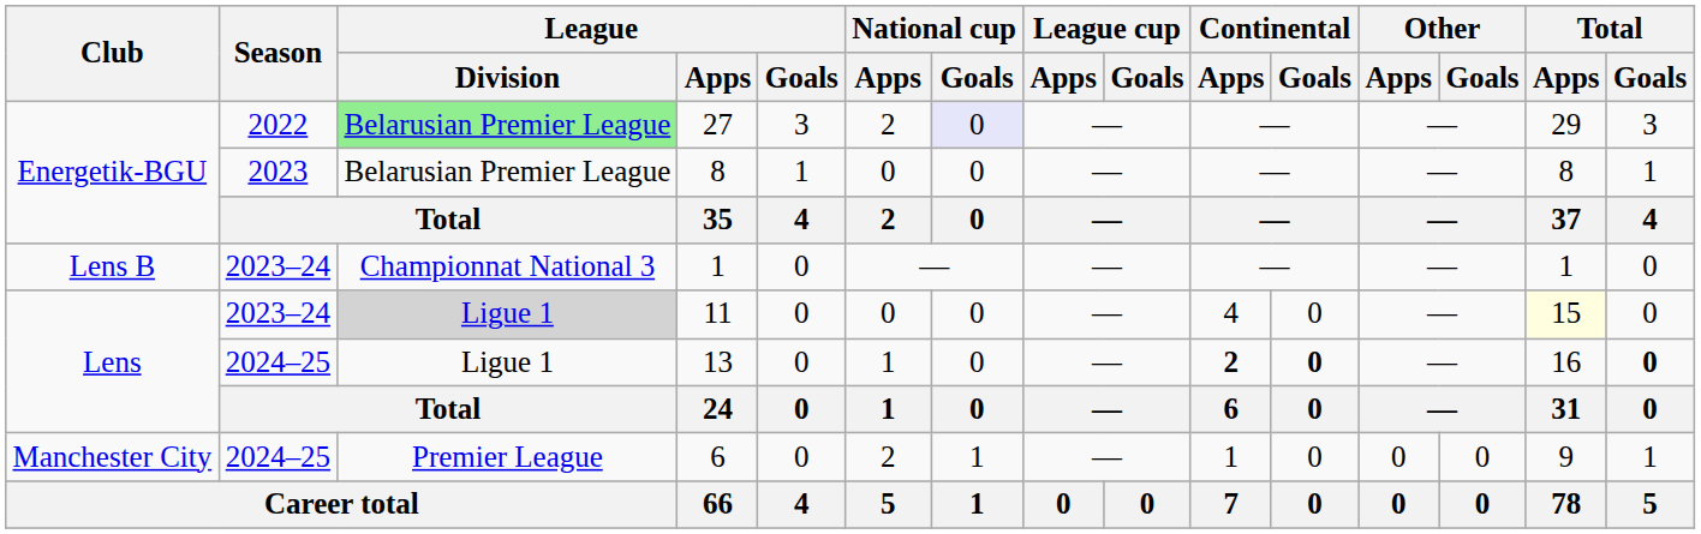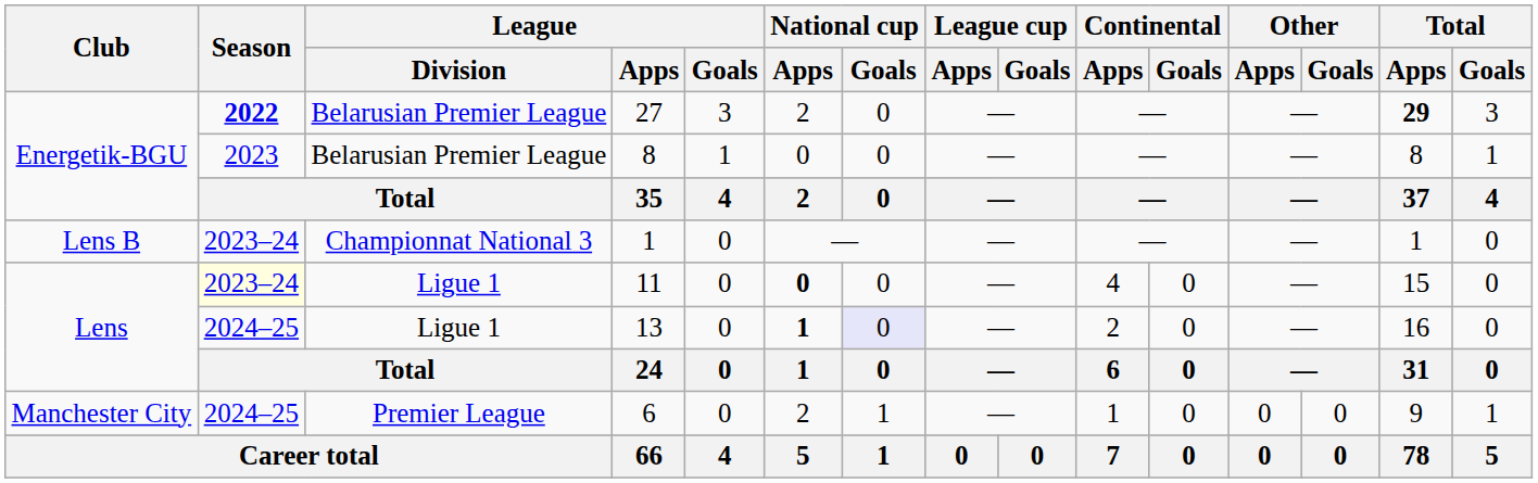 <table class="wikitable" style="text-align: center;">
 <tr>
 <th rowspan="2">Club</th>
 <th rowspan="2">Season</th>
 <th colspan="3">League</th>
 <th colspan="2">National cup</th>
 <th colspan="2">League cup</th>
 <th colspan="2">Continental</th>
 <th colspan="2">Other</th>
 <th colspan="2">Total</th>
 </tr>
 <tr>
 <th>Division</th>
 <th>Apps</th>
 <th>Goals</th>
 <th>Apps</th>
 <th>Goals</th>
 <th>Apps</th>
 <th>Goals</th>
 <th>Apps</th>
 <th>Goals</th>
 <th>Apps</th>
 <th>Goals</th>
 <th>Apps</th>
 <th>Goals</th>
 </tr>
 <tr>
 <td rowspan="3"><a href='#'>Energetik-BGU</a></td>
-<td><a href='#'>2022</a></td>
-<td style="background: lightgreen;"><a href='#'>Belarusian Premier League</a></td>
+<td><strong><a href='#'>2022</a></strong></td>
+<td><a href='#'>Belarusian Premier League</a></td>
 <td>27</td>
 <td>3</td>
 <td>2</td>
-<td style="background: lavender;">0</td>
+<td>0</td>
 <td colspan="2">—</td>
 <td colspan="2">—</td>
 <td colspan="2">—</td>
-<td>29</td>
+<td><strong>29</strong></td>
 <td>3</td>
 </tr>
 <tr>
 <td><a href='#'>2023</a></td>
 <td>Belarusian Premier League</td>
 <td>8</td>
 <td>1</td>
 <td>0</td>
 <td>0</td>
 <td colspan="2">—</td>
 <td colspan="2">—</td>
 <td colspan="2">—</td>
 <td>8</td>
 <td>1</td>
 </tr>
 <tr>
 <th colspan="2">Total</th>
 <th>35</th>
 <th>4</th>
 <th>2</th>
 <th>0</th>
 <th colspan="2">—</th>
 <th colspan="2">—</th>
 <th colspan="2">—</th>
 <th>37</th>
 <th>4</th>
 </tr>
 <tr>
 <td><a href='#'>Lens B</a></td>
 <td><a href='#'>2023–24</a></td>
 <td><a href='#'>Championnat National 3</a></td>
 <td>1</td>
 <td>0</td>
 <td colspan="2">—</td>
 <td colspan="2">—</td>
 <td colspan="2">—</td>
 <td colspan="2">—</td>
 <td>1</td>
 <td>0</td>
 </tr>
 <tr>
 <td rowspan="3"><a href='#'>Lens</a></td>
-<td><a href='#'>2023–24</a></td>
-<td style="background: lightgrey;"><a href='#'>Ligue 1</a></td>
+<td style="background: lightyellow;"><a href='#'>2023–24</a></td>
+<td><a href='#'>Ligue 1</a></td>
 <td>11</td>
 <td>0</td>
-<td>0</td>
+<td><strong>0</strong></td>
 <td>0</td>
 <td colspan="2">—</td>
 <td>4</td>
 <td>0</td>
 <td colspan="2">—</td>
-<td style="background: lightyellow;">15</td>
+<td>15</td>
 <td>0</td>
 </tr>
 <tr>
 <td><a href='#'>2024–25</a></td>
 <td>Ligue 1</td>
 <td>13</td>
 <td>0</td>
-<td>1</td>
+<td><strong>1</strong></td>
+<td style="background: lavender;">0</td>
+<td colspan="2">—</td>
+<td>2</td>
 <td>0</td>
 <td colspan="2">—</td>
-<td><strong>2</strong></td>
-<td><strong>0</strong></td>
-<td colspan="2">—</td>
 <td>16</td>
-<td><strong>0</strong></td>
+<td>0</td>
 </tr>
 <tr>
 <th colspan="2">Total</th>
 <th>24</th>
 <th>0</th>
 <th>1</th>
 <th>0</th>
 <th colspan="2">—</th>
 <th>6</th>
 <th>0</th>
 <th colspan="2">—</th>
 <th>31</th>
 <th>0</th>
 </tr>
 <tr>
 <td><a href='#'>Manchester City</a></td>
 <td><a href='#'>2024–25</a></td>
 <td><a href='#'>Premier League</a></td>
 <td>6</td>
 <td>0</td>
 <td>2</td>
 <td>1</td>
 <td colspan="2">—</td>
 <td>1</td>
 <td>0</td>
 <td>0</td>
 <td>0</td>
 <td>9</td>
 <td>1</td>
 </tr>
 <tr>
 <th colspan="3">Career total</th>
 <th>66</th>
 <th>4</th>
 <th>5</th>
 <th>1</th>
 <th>0</th>
 <th>0</th>
 <th>7</th>
 <th>0</th>
 <th>0</th>
 <th>0</th>
 <th>78</th>
 <th>5</th>
 </tr>
 </table>
